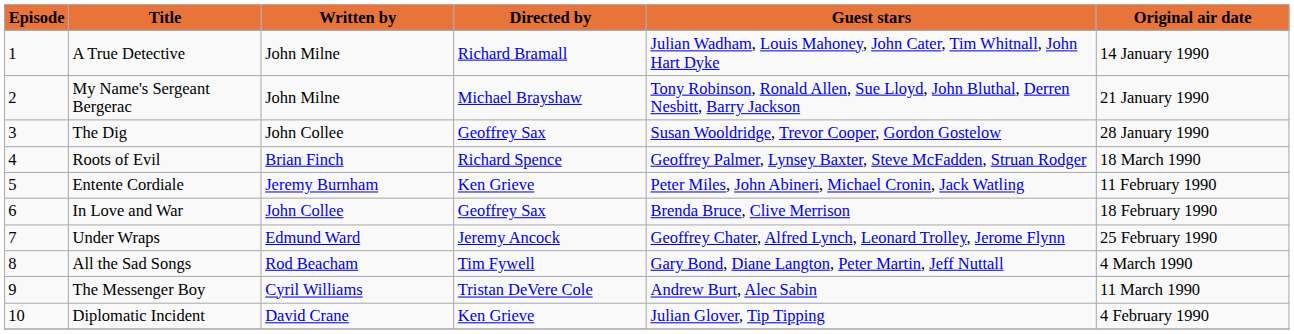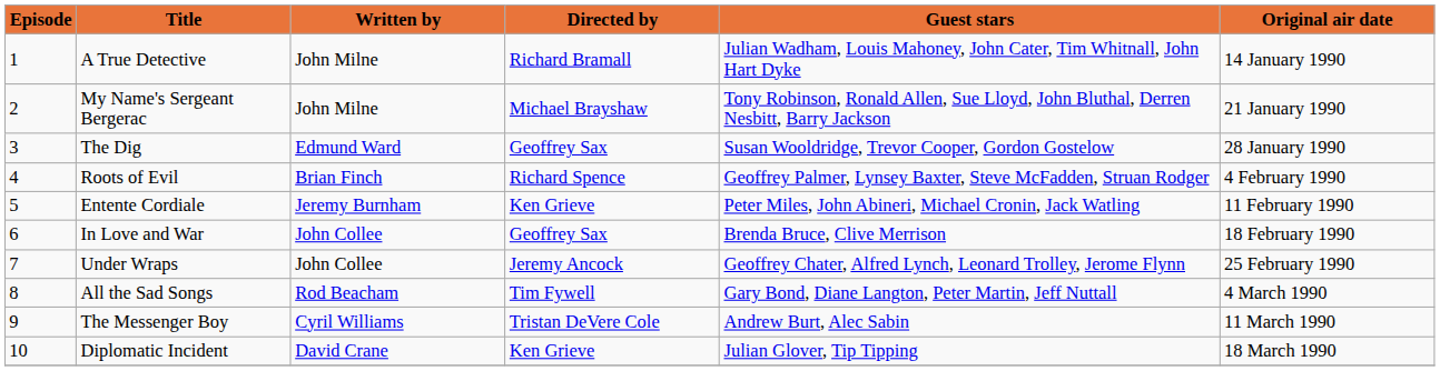 <table class="wikitable">
 <tr>
 <th style="width:5%; background:#E9743A;">Episode</th>
 <th style="width:15%; background:#E9743A;">Title</th>
 <th style="width:15%; background:#E9743A;">Written by</th>
 <th style="width:15%; background:#E9743A;">Directed by</th>
 <th style="width:35%; background:#E9743A;">Guest stars</th>
 <th style="width:35%; background:#E9743A;">Original air date</th>
 </tr>
 <tr id="A True Detective">
 <td>1</td>
 <td>A True Detective</td>
 <td>John Milne</td>
 <td><a href='#'>Richard Bramall</a></td>
 <td><a href='#'>Julian Wadham</a>, <a href='#'>Louis Mahoney</a>, <a href='#'>John Cater</a>, <a href='#'>Tim Whitnall</a>, <a href='#'>John Hart Dyke</a></td>
 <td>14 January 1990</td>
 </tr>
 <tr id="My Name's Sergeant Bergerac">
 <td>2</td>
 <td>My Name's Sergeant Bergerac</td>
 <td>John Milne</td>
 <td><a href='#'>Michael Brayshaw</a></td>
 <td><a href='#'>Tony Robinson</a>, <a href='#'>Ronald Allen</a>, <a href='#'>Sue Lloyd</a>, <a href='#'>John Bluthal</a>, <a href='#'>Derren Nesbitt</a>, <a href='#'>Barry Jackson</a></td>
 <td>21 January 1990</td>
 </tr>
 <tr id="The Dig">
 <td>3</td>
 <td>The Dig</td>
-<td>John Collee</td>
+<td><a href='#'>Edmund Ward</a></td>
 <td><a href='#'>Geoffrey Sax</a></td>
 <td><a href='#'>Susan Wooldridge</a>, <a href='#'>Trevor Cooper</a>, <a href='#'>Gordon Gostelow</a></td>
 <td>28 January 1990</td>
 </tr>
 <tr id="Roots of Evil">
 <td>4</td>
 <td>Roots of Evil</td>
 <td><a href='#'>Brian Finch</a></td>
 <td><a href='#'>Richard Spence</a></td>
 <td><a href='#'>Geoffrey Palmer</a>, <a href='#'>Lynsey Baxter</a>, <a href='#'>Steve McFadden</a>, <a href='#'>Struan Rodger</a></td>
-<td>18 March 1990</td>
+<td>4 February 1990</td>
 </tr>
 <tr id="Entente Cordiale">
 <td>5</td>
 <td>Entente Cordiale</td>
 <td><a href='#'>Jeremy Burnham</a></td>
 <td><a href='#'>Ken Grieve</a></td>
 <td><a href='#'>Peter Miles</a>, <a href='#'>John Abineri</a>, <a href='#'>Michael Cronin</a>, <a href='#'>Jack Watling</a></td>
 <td>11 February 1990</td>
 </tr>
 <tr id="In Love and War">
 <td>6</td>
 <td>In Love and War</td>
 <td><a href='#'>John Collee</a></td>
 <td><a href='#'>Geoffrey Sax</a></td>
 <td><a href='#'>Brenda Bruce</a>, <a href='#'>Clive Merrison</a></td>
 <td>18 February 1990</td>
 </tr>
 <tr id="Under Wraps">
 <td>7</td>
 <td>Under Wraps</td>
-<td><a href='#'>Edmund Ward</a></td>
+<td>John Collee</td>
 <td><a href='#'>Jeremy Ancock</a></td>
 <td><a href='#'>Geoffrey Chater</a>, <a href='#'>Alfred Lynch</a>, <a href='#'>Leonard Trolley</a>, <a href='#'>Jerome Flynn</a></td>
 <td>25 February 1990</td>
 </tr>
 <tr id="All the Sad Songs">
 <td>8</td>
 <td>All the Sad Songs</td>
 <td><a href='#'>Rod Beacham</a></td>
 <td><a href='#'>Tim Fywell</a></td>
 <td><a href='#'>Gary Bond</a>, <a href='#'>Diane Langton</a>, <a href='#'>Peter Martin</a>, <a href='#'>Jeff Nuttall</a></td>
 <td>4 March 1990</td>
 </tr>
 <tr id="The Messenger Boy">
 <td>9</td>
 <td>The Messenger Boy</td>
 <td><a href='#'>Cyril Williams</a></td>
 <td><a href='#'>Tristan DeVere Cole</a></td>
 <td><a href='#'>Andrew Burt</a>, <a href='#'>Alec Sabin</a></td>
 <td>11 March 1990</td>
 </tr>
 <tr id="Diplomatic Incident">
 <td>10</td>
 <td>Diplomatic Incident</td>
 <td><a href='#'>David Crane</a></td>
 <td><a href='#'>Ken Grieve</a></td>
 <td><a href='#'>Julian Glover</a>, <a href='#'>Tip Tipping</a></td>
-<td>4 February 1990</td>
+<td>18 March 1990</td>
 </tr>
 <tr>
 </tr>
 </table>
